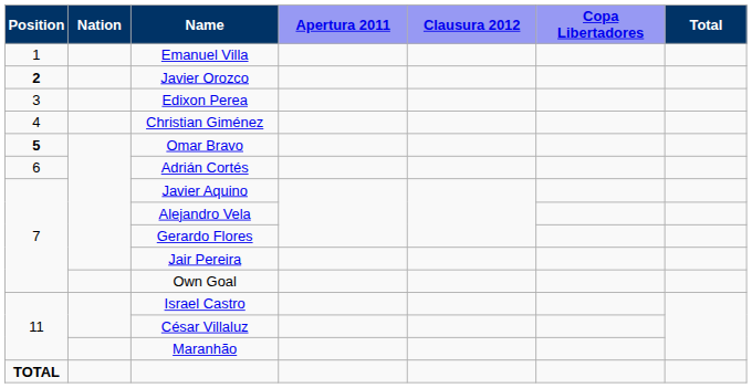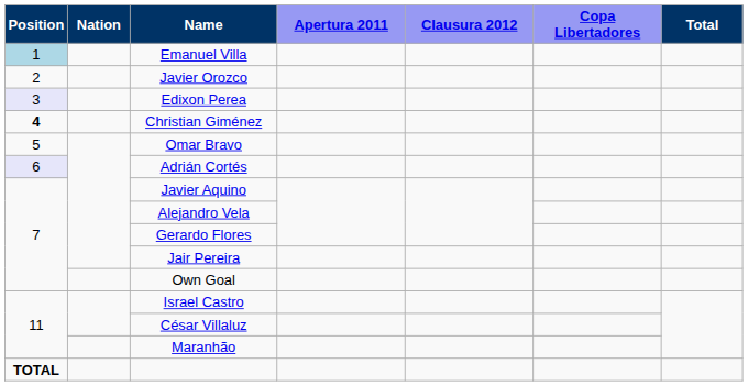 <table class="wikitable" style="font-size: 95%; text-align: center;">
 <tr>
 <th width=60 style="background: #003366;color:white">Position</th>
 <th width=60 style="background: #003366;color:white">Nation</th>
 <th width=150 style="background: #003366;color:white">Name</th>
 <th width=130 style="background: #9799F3;color:white"><a href='#'>Apertura 2011</a> <br> </th>
 <th width=130 style="background: #9799F3;color:white"><a href='#'>Clausura 2012</a> <br> </th>
 <th width=130 style="background: #9799F3;color:white"><a href='#'>Copa Libertadores</a> <br> </th>
 <th width=80 style="background: #003366;color:white">Total <br> </th>
 </tr>
 <tr>
-<td>1</td>
+<td style="background: lightblue;">1</td>
 <td></td>
 <td><a href='#'>Emanuel Villa</a></td>
 <td></td>
 <td></td>
 <td></td>
 <td></td>
 </tr>
 <tr>
-<td><strong>2</strong></td>
+<td>2</td>
 <td></td>
 <td><a href='#'>Javier Orozco</a></td>
 <td></td>
 <td></td>
 <td></td>
 <td></td>
 </tr>
 <tr>
-<td>3</td>
+<td style="background: lavender;">3</td>
 <td></td>
 <td><a href='#'>Edixon Perea</a></td>
 <td></td>
 <td></td>
 <td></td>
 <td></td>
 </tr>
 <tr>
-<td>4</td>
+<td><strong>4</strong></td>
 <td></td>
 <td><a href='#'>Christian Giménez</a></td>
 <td></td>
 <td></td>
 <td></td>
 <td></td>
 </tr>
 <tr>
-<td><strong>5</strong></td>
+<td>5</td>
 <td rowspan="6"></td>
 <td><a href='#'>Omar Bravo</a></td>
 <td></td>
 <td></td>
 <td></td>
 <td></td>
 </tr>
 <tr>
-<td>6</td>
+<td style="background: lavender;">6</td>
 <td><a href='#'>Adrián Cortés</a></td>
 <td></td>
 <td></td>
 <td></td>
 <td></td>
 </tr>
 <tr>
 <td rowspan="5">7</td>
 <td><a href='#'>Javier Aquino</a></td>
 <td rowspan="3"></td>
 <td rowspan="3"></td>
 <td></td>
 <td></td>
 </tr>
 <tr>
 <td><a href='#'>Alejandro Vela</a></td>
 <td></td>
 <td></td>
 </tr>
 <tr>
 <td><a href='#'>Gerardo Flores</a></td>
 <td></td>
 <td></td>
 </tr>
 <tr>
 <td><a href='#'>Jair Pereira</a></td>
 <td></td>
 <td></td>
 <td></td>
 <td></td>
 </tr>
 <tr>
 <td></td>
 <td>Own Goal</td>
 <td></td>
 <td></td>
 <td></td>
 <td></td>
 </tr>
 <tr>
 <td rowspan="3">11</td>
 <td rowspan="2"></td>
 <td><a href='#'>Israel Castro</a></td>
 <td></td>
 <td></td>
 <td></td>
 <td rowspan="3"></td>
 </tr>
 <tr>
 <td><a href='#'>César Villaluz</a></td>
 <td></td>
 <td></td>
 <td></td>
 </tr>
 <tr>
 <td></td>
 <td><a href='#'>Maranhão</a></td>
 <td></td>
 <td></td>
 <td></td>
 </tr>
 <tr>
 <td><strong>TOTAL</strong></td>
 <td></td>
 <td></td>
 <td></td>
 <td></td>
 <td></td>
 <td></td>
 </tr>
 </table>
